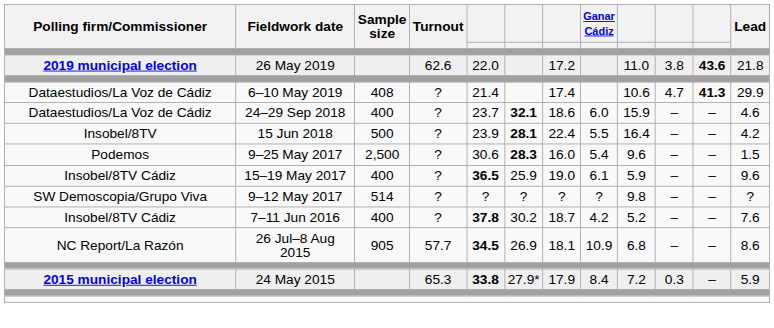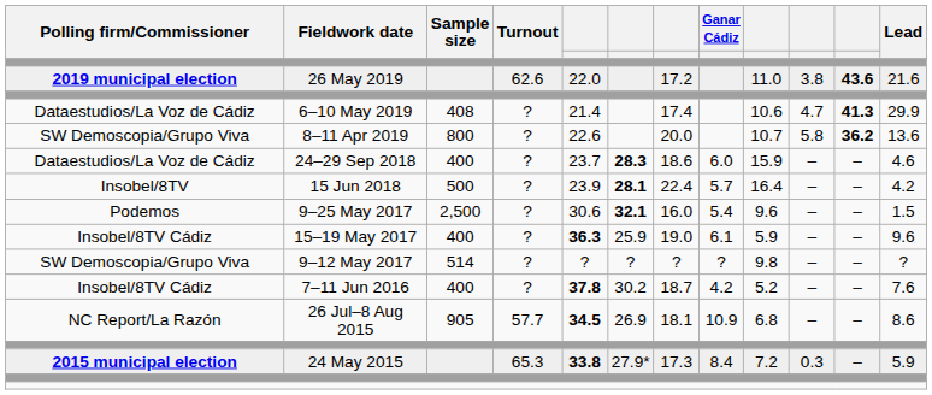 <table class="wikitable collapsible collapsed" style="text-align:center; font-size:95%; line-height:16px;">
 <tr style="height:42px;">
 <th style="width:250px;" rowspan="2">Polling firm/Commissioner</th>
 <th style="width:125px;" rowspan="2">Fieldwork date</th>
 <th style="width:50px;" rowspan="2">Sample size</th>
 <th style="width:45px;" rowspan="2">Turnout</th>
 <th style="width:35px;"></th>
 <th style="width:35px;"></th>
 <th style="width:35px;"></th>
 <th style="width:35px; font-size:80%;"><a href='#'>Ganar<br>Cádiz</a></th>
 <th style="width:35px;"></th>
 <th style="width:35px;"></th>
 <th style="width:35px;"></th>
 <th style="width:30px;" rowspan="2">Lead</th>
 </tr>
 <tr>
 <th style="color:inherit;background:"></th>
 <th style="color:inherit;background:"></th>
 <th style="color:inherit;background:"></th>
 <th style="color:inherit;background:"></th>
 <th style="color:inherit;background:"></th>
 <th style="color:inherit;background:"></th>
 <th style="color:inherit;background:"></th>
 </tr>
 <tr>
 <td colspan="12" style="background:#A0A0A0"></td>
 </tr>
 <tr style="background:#EFEFEF;">
 <td><strong><a href='#'>2019 municipal election</a></strong></td>
 <td>26 May 2019</td>
 <td></td>
 <td>62.6</td>
 <td>22.0<br></td>
 <td></td>
 <td>17.2<br></td>
 <td></td>
 <td>11.0<br></td>
 <td>3.8<br></td>
 <td><strong>43.6</strong><br></td>
-<td style="background:">21.8</td>
+<td style="background:">21.6</td>
 </tr>
 <tr>
 <td colspan="12" style="background:#A0A0A0"></td>
 </tr>
 <tr>
 <td>Dataestudios/La Voz de Cádiz</td>
 <td>6–10 May 2019</td>
 <td>408</td>
 <td>?</td>
 <td>21.4<br></td>
 <td></td>
 <td>17.4<br></td>
 <td></td>
 <td>10.6<br></td>
 <td>4.7<br></td>
 <td><strong>41.3</strong><br></td>
 <td style="background:">29.9</td>
 </tr>
 <tr>
+<td>SW Demoscopia/Grupo Viva</td>
+<td>8–11 Apr 2019</td>
+<td>800</td>
+<td>?</td>
+<td>22.6<br></td>
+<td></td>
+<td>20.0<br></td>
+<td></td>
+<td>10.7<br></td>
+<td>5.8<br></td>
+<td><strong>36.2</strong><br></td>
+<td style="background:">13.6</td>
+</tr>
+<tr>
 <td>Dataestudios/La Voz de Cádiz</td>
 <td>24–29 Sep 2018</td>
 <td>400</td>
 <td>?</td>
 <td>23.7<br></td>
-<td><strong>32.1</strong><br></td>
+<td><strong>28.3</strong><br></td>
 <td>18.6<br></td>
 <td>6.0<br></td>
 <td>15.9<br></td>
 <td>–</td>
 <td>–</td>
 <td style="background:">4.6</td>
 </tr>
 <tr>
 <td>Insobel/8TV</td>
 <td>15 Jun 2018</td>
 <td>500</td>
 <td>?</td>
 <td>23.9<br></td>
 <td><strong>28.1</strong><br></td>
 <td>22.4<br></td>
-<td>5.5<br></td>
+<td>5.7<br></td>
 <td>16.4<br></td>
 <td>–</td>
 <td>–</td>
 <td style="background:">4.2</td>
 </tr>
 <tr>
 <td>Podemos</td>
 <td>9–25 May 2017</td>
 <td>2,500</td>
 <td>?</td>
 <td>30.6<br></td>
-<td><strong>28.3</strong><br></td>
+<td><strong>32.1</strong><br></td>
 <td>16.0<br></td>
 <td>5.4<br></td>
 <td>9.6<br></td>
 <td>–</td>
 <td>–</td>
 <td style="background:">1.5</td>
 </tr>
 <tr>
 <td>Insobel/8TV Cádiz</td>
 <td>15–19 May 2017</td>
 <td>400</td>
 <td>?</td>
-<td><strong>36.5</strong><br></td>
+<td><strong>36.3</strong><br></td>
 <td>25.9<br></td>
 <td>19.0<br></td>
 <td>6.1<br></td>
 <td>5.9<br></td>
 <td>–</td>
 <td>–</td>
 <td style="background:">9.6</td>
 </tr>
 <tr>
 <td>SW Demoscopia/Grupo Viva</td>
 <td>9–12 May 2017</td>
 <td>514</td>
 <td>?</td>
 <td>?<br></td>
 <td>?<br></td>
 <td>?<br></td>
 <td>?<br></td>
 <td>9.8<br></td>
 <td>–</td>
 <td>–</td>
 <td style="background:">?</td>
 </tr>
 <tr>
 <td>Insobel/8TV Cádiz</td>
 <td>7–11 Jun 2016</td>
 <td>400</td>
 <td>?</td>
 <td><strong>37.8</strong><br></td>
 <td>30.2<br></td>
 <td>18.7<br></td>
 <td>4.2<br></td>
 <td>5.2<br></td>
 <td>–</td>
 <td>–</td>
 <td style="background:">7.6</td>
 </tr>
 <tr>
 <td>NC Report/La Razón</td>
 <td>26 Jul–8 Aug 2015</td>
 <td>905</td>
 <td>57.7</td>
 <td><strong>34.5</strong><br></td>
 <td>26.9<br></td>
 <td>18.1<br></td>
 <td>10.9<br></td>
 <td>6.8<br></td>
 <td>–</td>
 <td>–</td>
 <td style="background:">8.6</td>
 </tr>
 <tr>
 <td colspan="12" style="background:#A0A0A0"></td>
 </tr>
 <tr style="background:#EFEFEF;">
 <td><strong><a href='#'>2015 municipal election</a></strong></td>
 <td>24 May 2015</td>
 <td></td>
 <td>65.3</td>
 <td><strong>33.8</strong><br></td>
 <td>27.9*<br></td>
-<td>17.9<br></td>
+<td>17.3<br></td>
 <td>8.4<br></td>
 <td>7.2<br></td>
 <td>0.3<br></td>
 <td>–</td>
 <td style="background:">5.9</td>
 </tr>
 <tr>
 <td colspan="12" style="background:#A0A0A0"></td>
 </tr>
 <tr>
 <td align="left" colspan="12"></td>
 </tr>
 </table>
